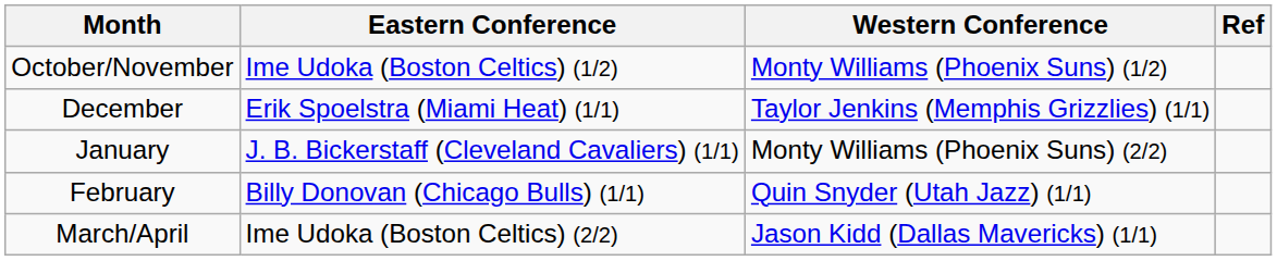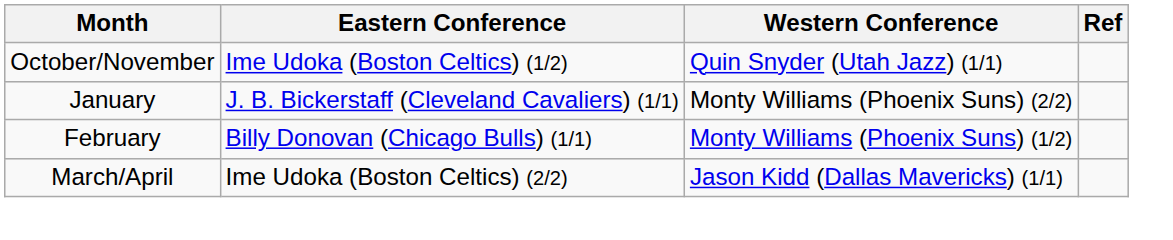 <table class="wikitable sortable" style="text-align:left;">
 <tr>
 <th>Month</th>
 <th>Eastern Conference</th>
 <th>Western Conference</th>
 <th class=unsortable>Ref</th>
 </tr>
 <tr>
 <td style="text-align:center;">October/November</td>
 <td><a href='#'>Ime Udoka</a> (<a href='#'>Boston Celtics</a>) <small>(1/2)</small></td>
-<td><a href='#'>Monty Williams</a> (<a href='#'>Phoenix Suns</a>) <small>(1/2)</small></td>
-<td style="text-align:center;"></td>
-</tr>
-<tr>
-<td style="text-align:center;">December</td>
-<td><a href='#'>Erik Spoelstra</a> (<a href='#'>Miami Heat</a>) <small>(1/1)</small></td>
-<td><a href='#'>Taylor Jenkins</a> (<a href='#'>Memphis Grizzlies</a>) <small>(1/1)</small></td>
+<td><a href='#'>Quin Snyder</a> (<a href='#'>Utah Jazz</a>) <small>(1/1)</small></td>
 <td style="text-align:center;"></td>
 </tr>
 <tr>
 <td style="text-align:center;">January</td>
 <td><a href='#'>J. B. Bickerstaff</a> (<a href='#'>Cleveland Cavaliers</a>) <small>(1/1)</small></td>
 <td>Monty Williams (Phoenix Suns) <small>(2/2)</small></td>
 <td style="text-align:center;"></td>
 </tr>
 <tr>
 <td style="text-align:center;">February</td>
 <td><a href='#'>Billy Donovan</a> (<a href='#'>Chicago Bulls</a>) <small>(1/1)</small></td>
-<td><a href='#'>Quin Snyder</a> (<a href='#'>Utah Jazz</a>) <small>(1/1)</small></td>
+<td><a href='#'>Monty Williams</a> (<a href='#'>Phoenix Suns</a>) <small>(1/2)</small></td>
 <td style="text-align:center;"></td>
 </tr>
 <tr>
 <td style="text-align:center;'">March/April</td>
 <td>Ime Udoka (Boston Celtics) <small>(2/2)</small></td>
 <td><a href='#'>Jason Kidd</a> (<a href='#'>Dallas Mavericks</a>) <small>(1/1)</small></td>
 <td style="text-align:center;"></td>
 </tr>
 </table>
